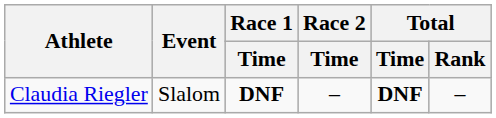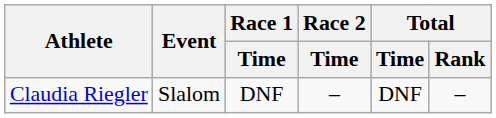 <table class="wikitable" style="font-size:90%">
 <tr>
 <th rowspan="2">Athlete</th>
 <th rowspan="2">Event</th>
 <th>Race 1</th>
 <th>Race 2</th>
 <th colspan="2">Total</th>
 </tr>
 <tr>
 <th>Time</th>
 <th>Time</th>
 <th>Time</th>
 <th>Rank</th>
 </tr>
 <tr>
 <td><a href='#'>Claudia Riegler</a></td>
 <td>Slalom</td>
-<td align="center"><strong>DNF</strong></td>
+<td align="center">DNF</td>
 <td align="center">–</td>
-<td align="center"><strong>DNF</strong></td>
+<td align="center">DNF</td>
 <td align="center">–</td>
 </tr>
 </table>
